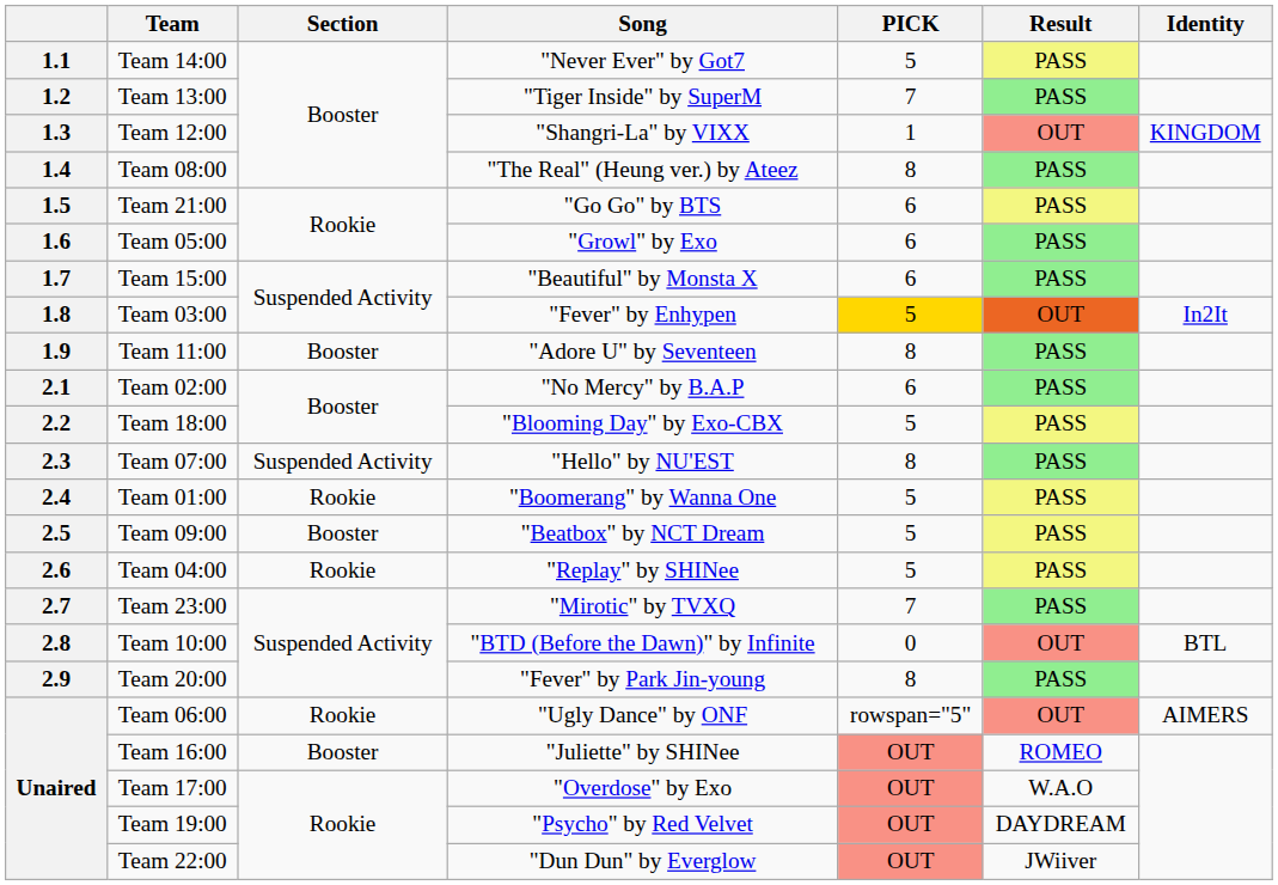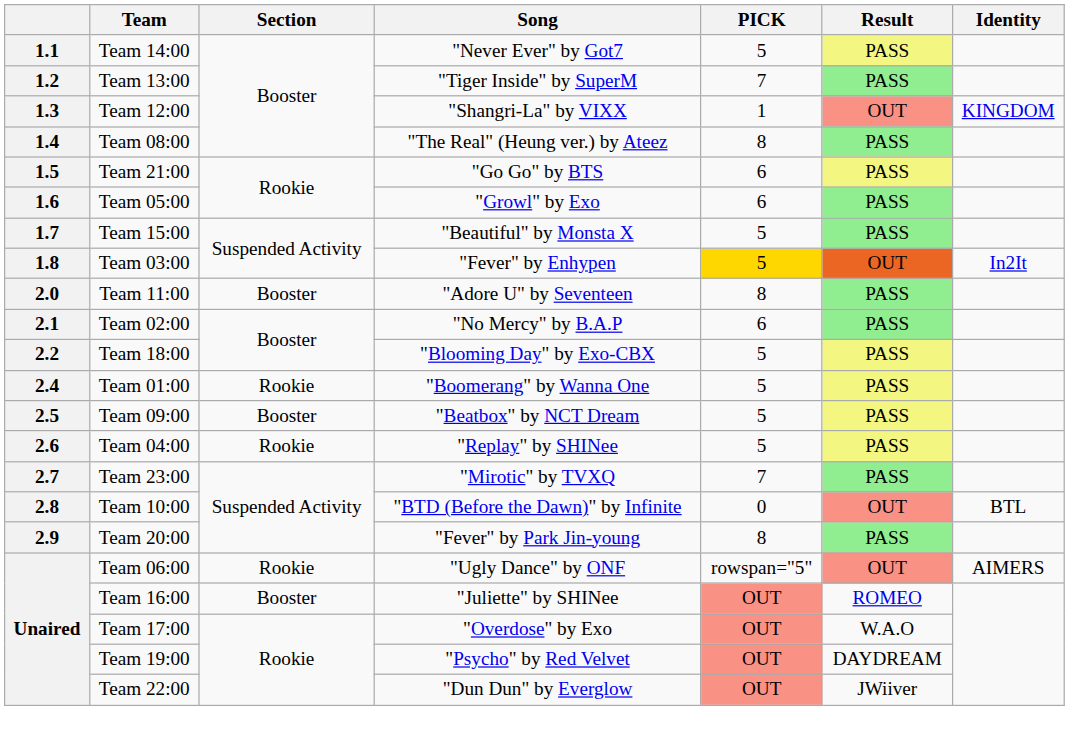 <table class="wikitable collapsible" style="text-align:center; width:100%">
 <tr>
 <th style="width:08%"></th>
 <th>Team</th>
 <th>Section</th>
 <th>Song</th>
 <th>PICK</th>
 <th scope="col">Result</th>
 <th>Identity</th>
 </tr>
 <tr>
 <th>1.1</th>
 <td>Team 14:00</td>
 <td rowspan="4">Booster</td>
 <td>"Never Ever" by <a href='#'>Got7</a></td>
 <td>5</td>
 <td style="background:#F3F781">PASS</td>
 <td></td>
 </tr>
 <tr>
 <th>1.2</th>
 <td>Team 13:00</td>
 <td>"Tiger Inside"  by <a href='#'>SuperM</a></td>
 <td>7</td>
 <td style="background:lightgreen">PASS</td>
 <td></td>
 </tr>
 <tr>
 <th>1.3</th>
 <td>Team 12:00</td>
 <td>"Shangri-La"  by <a href='#'>VIXX</a></td>
 <td>1</td>
 <td style="background:#F99185">OUT</td>
 <td><a href='#'>KINGDOM</a></td>
 </tr>
 <tr>
 <th>1.4</th>
 <td>Team 08:00</td>
 <td>"The Real" (Heung ver.)  by <a href='#'>Ateez</a></td>
 <td>8</td>
 <td style="background:lightgreen">PASS</td>
 <td></td>
 </tr>
 <tr>
 <th>1.5</th>
 <td>Team 21:00</td>
 <td rowspan="2">Rookie</td>
 <td>"Go Go" by <a href='#'>BTS</a></td>
 <td>6</td>
 <td style="background:#F3F781">PASS</td>
 <td></td>
 </tr>
 <tr>
 <th>1.6</th>
 <td>Team 05:00</td>
 <td>"<a href='#'>Growl</a>" by <a href='#'>Exo</a></td>
 <td>6</td>
 <td style="background:lightgreen">PASS</td>
 <td></td>
 </tr>
 <tr>
 <th>1.7</th>
 <td>Team 15:00</td>
 <td rowspan="2">Suspended Activity</td>
 <td>"Beautiful"  by <a href='#'>Monsta X</a></td>
-<td>6</td>
+<td>5</td>
 <td style="background:lightgreen">PASS</td>
 <td></td>
 </tr>
 <tr>
 <th>1.8</th>
 <td>Team 03:00</td>
 <td>"Fever" by <a href='#'>Enhypen</a></td>
 <td style="background: gold;">5</td>
 <td style="background:#EC6623">OUT</td>
 <td><a href='#'>In2It</a></td>
 </tr>
 <tr>
-<th>1.9</th>
+<th>2.0</th>
 <td>Team 11:00</td>
 <td>Booster</td>
 <td>"Adore U"  by <a href='#'>Seventeen</a></td>
 <td>8</td>
 <td style="background:lightgreen">PASS</td>
 <td></td>
 </tr>
 <tr>
 <th>2.1</th>
 <td>Team 02:00</td>
 <td rowspan="2">Booster</td>
 <td>"No Mercy" by <a href='#'>B.A.P</a></td>
 <td>6</td>
 <td style="background:lightgreen">PASS</td>
 <td></td>
 </tr>
 <tr>
 <th>2.2</th>
 <td>Team 18:00</td>
 <td>"<a href='#'>Blooming Day</a>" by <a href='#'>Exo-CBX</a></td>
 <td>5</td>
 <td style="background:#F3F781">PASS</td>
-<td></td>
-</tr>
-<tr>
-<th>2.3</th>
-<td>Team 07:00</td>
-<td>Suspended Activity</td>
-<td>"Hello"  by <a href='#'>NU'EST</a></td>
-<td>8</td>
-<td style="background:lightgreen">PASS</td>
 <td></td>
 </tr>
 <tr>
 <th>2.4</th>
 <td>Team 01:00</td>
 <td>Rookie</td>
 <td>"<a href='#'>Boomerang</a>" by <a href='#'>Wanna One</a></td>
 <td>5</td>
 <td style="background:#F3F781">PASS</td>
 <td></td>
 </tr>
 <tr>
 <th>2.5</th>
 <td>Team 09:00</td>
 <td>Booster</td>
 <td>"<a href='#'>Beatbox</a>" by <a href='#'>NCT Dream</a></td>
 <td>5</td>
 <td style="background:#F3F781">PASS</td>
 <td></td>
 </tr>
 <tr>
 <th>2.6</th>
 <td>Team 04:00</td>
 <td>Rookie</td>
 <td>"<a href='#'>Replay</a>"  by <a href='#'>SHINee</a></td>
 <td>5</td>
 <td style="background:#F3F781">PASS</td>
 <td></td>
 </tr>
 <tr>
 <th>2.7</th>
 <td>Team 23:00</td>
 <td rowspan="3">Suspended Activity</td>
 <td>"<a href='#'>Mirotic</a>"  by <a href='#'>TVXQ</a></td>
 <td>7</td>
 <td style="background:lightgreen">PASS</td>
 <td></td>
 </tr>
 <tr>
 <th>2.8</th>
 <td>Team 10:00</td>
 <td>"<a href='#'>BTD (Before the Dawn)</a>" by <a href='#'>Infinite</a></td>
 <td>0</td>
 <td style="background:#F99185">OUT</td>
 <td>BTL</td>
 </tr>
 <tr>
 <th>2.9</th>
 <td>Team 20:00</td>
 <td>"Fever" by <a href='#'>Park Jin-young</a></td>
 <td>8</td>
 <td style="background:lightgreen">PASS</td>
 <td></td>
 </tr>
 <tr>
 <th rowspan="5">Unaired</th>
 <td>Team 06:00</td>
 <td>Rookie</td>
 <td>"Ugly Dance" by <a href='#'>ONF</a></td>
 <td>rowspan="5" </td>
 <td style="background:#F99185">OUT</td>
 <td>AIMERS</td>
 </tr>
 <tr>
 <td>Team 16:00</td>
 <td>Booster</td>
 <td>"Juliette" by SHINee</td>
 <td style="background:#F99185">OUT</td>
 <td><a href='#'>ROMEO</a></td>
 </tr>
 <tr>
 <td>Team 17:00</td>
 <td rowspan="3">Rookie</td>
 <td>"<a href='#'>Overdose</a>"  by Exo</td>
 <td style="background:#F99185">OUT</td>
 <td>W.A.O</td>
 </tr>
 <tr>
 <td>Team 19:00</td>
 <td>"<a href='#'>Psycho</a>" by <a href='#'>Red Velvet</a></td>
 <td style="background:#F99185">OUT</td>
 <td>DAYDREAM</td>
 </tr>
 <tr>
 <td>Team 22:00</td>
 <td>"Dun Dun" by <a href='#'>Everglow</a></td>
 <td style="background:#F99185">OUT</td>
 <td>JWiiver</td>
 </tr>
 </table>
